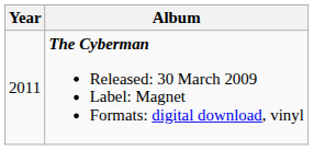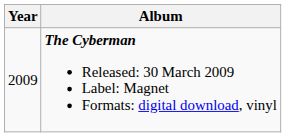 <table class="wikitable">
 <tr>
 <th>Year</th>
 <th>Album</th>
 </tr>
 <tr>
-<td>2011</td>
+<td>2009</td>
 <td><strong><em>The Cyberman</em></strong><br><ul><li>Released: 30 March 2009</li><li>Label: Magnet</li><li>Formats: <a href='#'>digital download</a>, vinyl</li></ul></td>
 </tr>
 </table>
